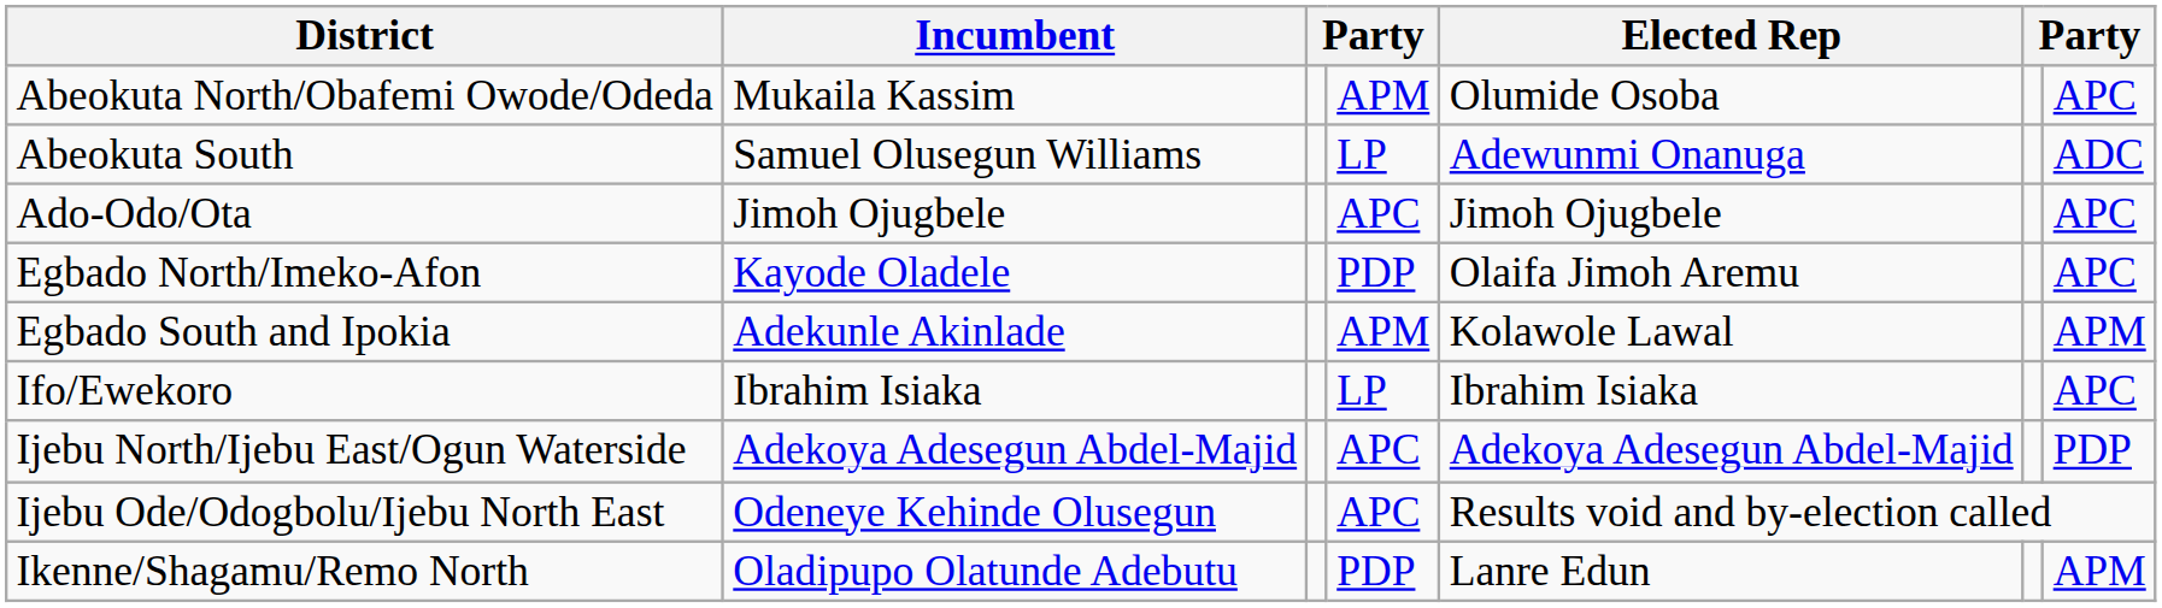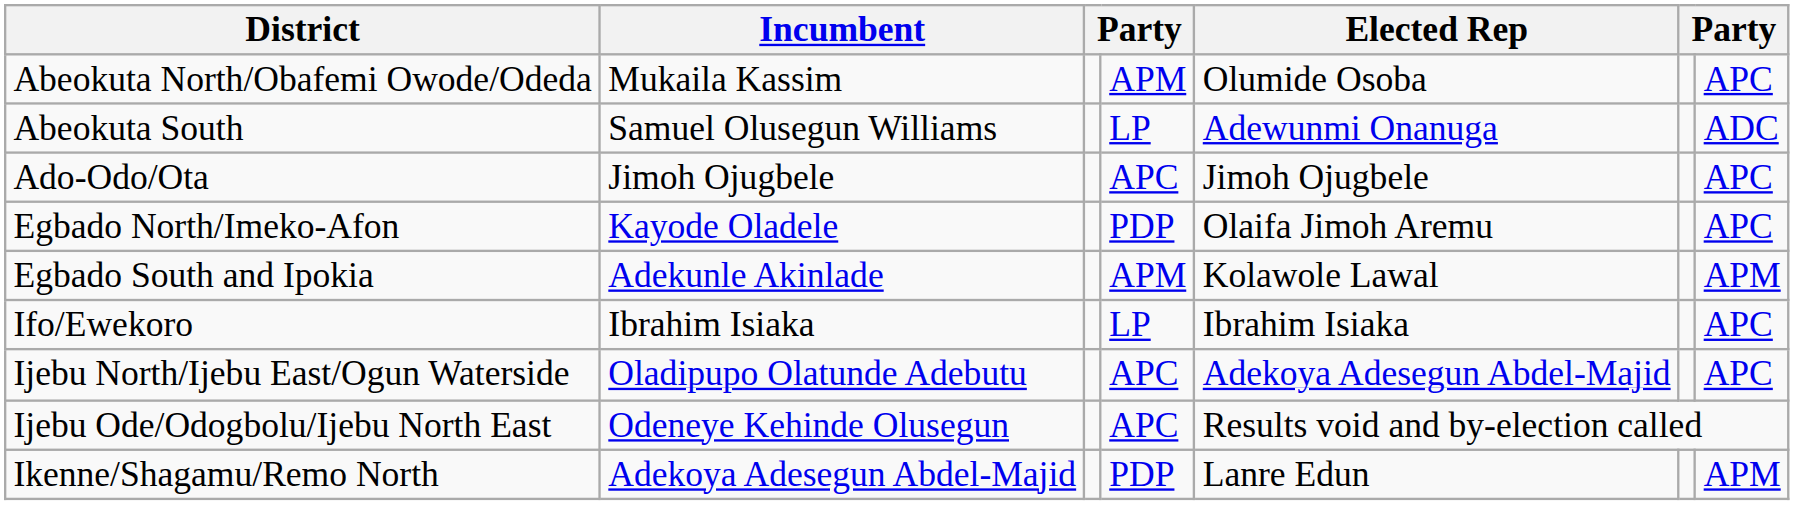 <table class="sortable wikitable" style="font-size:95%;line-height:14px;">
 <tr>
 <th class="unsortable">District</th>
 <th class="unsortable"><a href='#'>Incumbent</a></th>
 <th colspan="2">Party</th>
 <th class="unsortable">Elected Rep</th>
 <th colspan="2">Party</th>
 </tr>
 <tr>
 <td>Abeokuta North/Obafemi Owode/Odeda</td>
 <td>Mukaila Kassim</td>
 <td style="background:"></td>
 <td><a href='#'>APM</a></td>
 <td>Olumide Osoba</td>
 <td style="background:"></td>
 <td><a href='#'>APC</a></td>
 </tr>
 <tr>
 <td>Abeokuta South</td>
 <td>Samuel Olusegun Williams</td>
 <td style="background:"></td>
 <td><a href='#'>LP</a></td>
 <td><a href='#'>Adewunmi Onanuga</a></td>
 <td style="background:"></td>
 <td><a href='#'>ADC</a></td>
 </tr>
 <tr>
 <td>Ado-Odo/Ota</td>
 <td>Jimoh Ojugbele</td>
 <td style="background:"></td>
 <td><a href='#'>APC</a></td>
 <td>Jimoh Ojugbele</td>
 <td style="background:"></td>
 <td><a href='#'>APC</a></td>
 </tr>
 <tr>
 <td>Egbado North/Imeko-Afon</td>
 <td><a href='#'>Kayode Oladele</a></td>
 <td style="background:"></td>
 <td><a href='#'>PDP</a></td>
 <td>Olaifa Jimoh Aremu</td>
 <td style="background:"></td>
 <td><a href='#'>APC</a></td>
 </tr>
 <tr>
 <td>Egbado South and Ipokia</td>
 <td><a href='#'>Adekunle Akinlade</a></td>
 <td style="background:"></td>
 <td><a href='#'>APM</a></td>
 <td>Kolawole Lawal</td>
 <td style="background:"></td>
 <td><a href='#'>APM</a></td>
 </tr>
 <tr>
 <td>Ifo/Ewekoro</td>
 <td>Ibrahim Isiaka</td>
 <td style="background:"></td>
 <td><a href='#'>LP</a></td>
 <td>Ibrahim Isiaka</td>
 <td style="background:"></td>
 <td><a href='#'>APC</a></td>
 </tr>
 <tr>
 <td>Ijebu North/Ijebu East/Ogun Waterside</td>
-<td><a href='#'>Adekoya Adesegun Abdel-Majid</a></td>
+<td><a href='#'>Oladipupo Olatunde Adebutu</a></td>
 <td style="background:"></td>
 <td><a href='#'>APC</a></td>
 <td><a href='#'>Adekoya Adesegun Abdel-Majid</a></td>
 <td style="background:"></td>
-<td><a href='#'>PDP</a></td>
+<td><a href='#'>APC</a></td>
 </tr>
 <tr>
 <td>Ijebu Ode/Odogbolu/Ijebu North East</td>
 <td><a href='#'>Odeneye Kehinde Olusegun</a></td>
 <td style="background:"></td>
 <td><a href='#'>APC</a></td>
 <td colspan="3">Results void and by-election called</td>
 </tr>
 <tr>
 <td>Ikenne/Shagamu/Remo North</td>
-<td><a href='#'>Oladipupo Olatunde Adebutu</a></td>
+<td><a href='#'>Adekoya Adesegun Abdel-Majid</a></td>
 <td style="background:"></td>
 <td><a href='#'>PDP</a></td>
 <td>Lanre Edun</td>
 <td style="background:"></td>
 <td><a href='#'>APM</a></td>
 </tr>
 </table>
